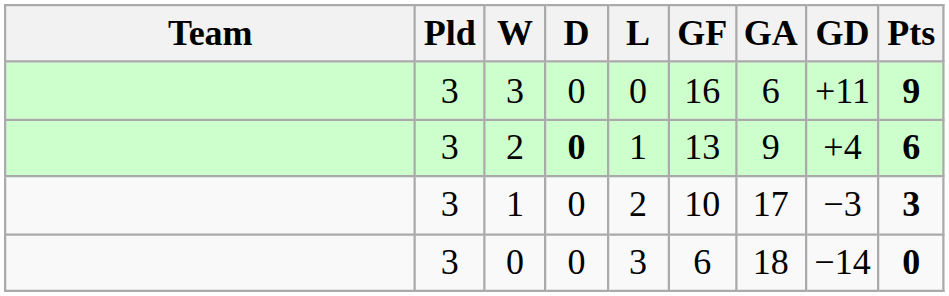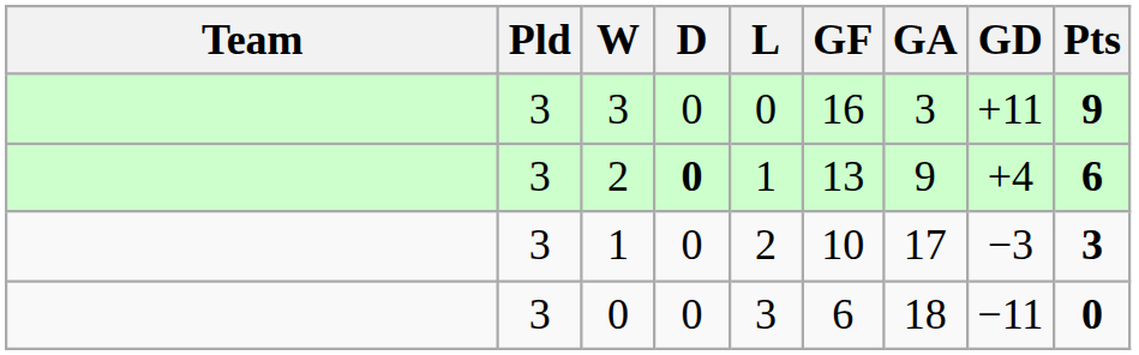 <table class="wikitable" style="text-align: center;">
 <tr>
 <th width="175">Team</th>
 <th width="20">Pld</th>
 <th width="20">W</th>
 <th width="20">D</th>
 <th width="20">L</th>
 <th width="20">GF</th>
 <th width="20">GA</th>
 <th width="20">GD</th>
 <th width="20">Pts</th>
 </tr>
 <tr bgcolor=#ccffcc>
 <td align=left></td>
 <td>3</td>
 <td>3</td>
 <td>0</td>
 <td>0</td>
 <td>16</td>
-<td>6</td>
+<td>3</td>
 <td>+11</td>
 <td><strong>9</strong></td>
 </tr>
 <tr bgcolor=#ccffcc>
 <td align=left></td>
 <td>3</td>
 <td>2</td>
 <td><strong>0</strong></td>
 <td>1</td>
 <td>13</td>
 <td>9</td>
 <td>+4</td>
 <td><strong>6</strong></td>
 </tr>
 <tr>
 <td align=left></td>
 <td>3</td>
 <td>1</td>
 <td>0</td>
 <td>2</td>
 <td>10</td>
 <td>17</td>
 <td>−3</td>
 <td><strong>3</strong></td>
 </tr>
 <tr>
 <td align=left></td>
 <td>3</td>
 <td>0</td>
 <td>0</td>
 <td>3</td>
 <td>6</td>
 <td>18</td>
-<td>−14</td>
+<td>−11</td>
 <td><strong>0</strong></td>
 </tr>
 </table>
